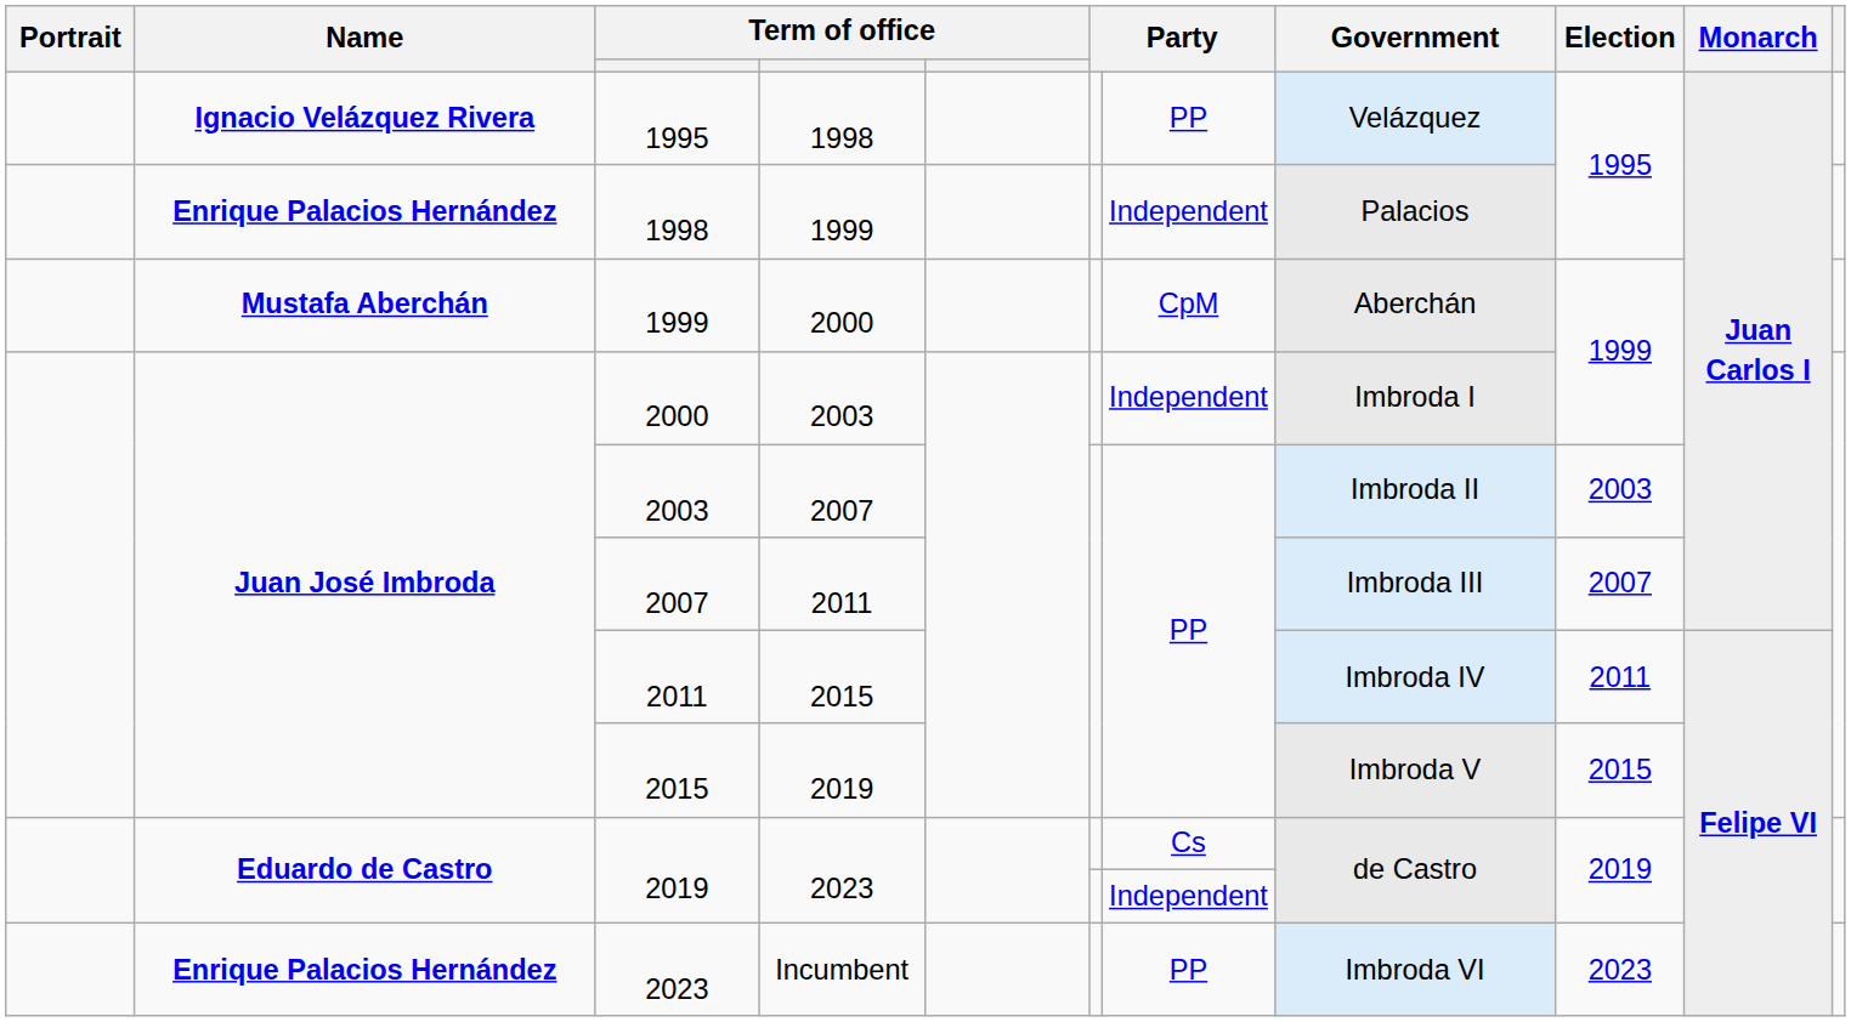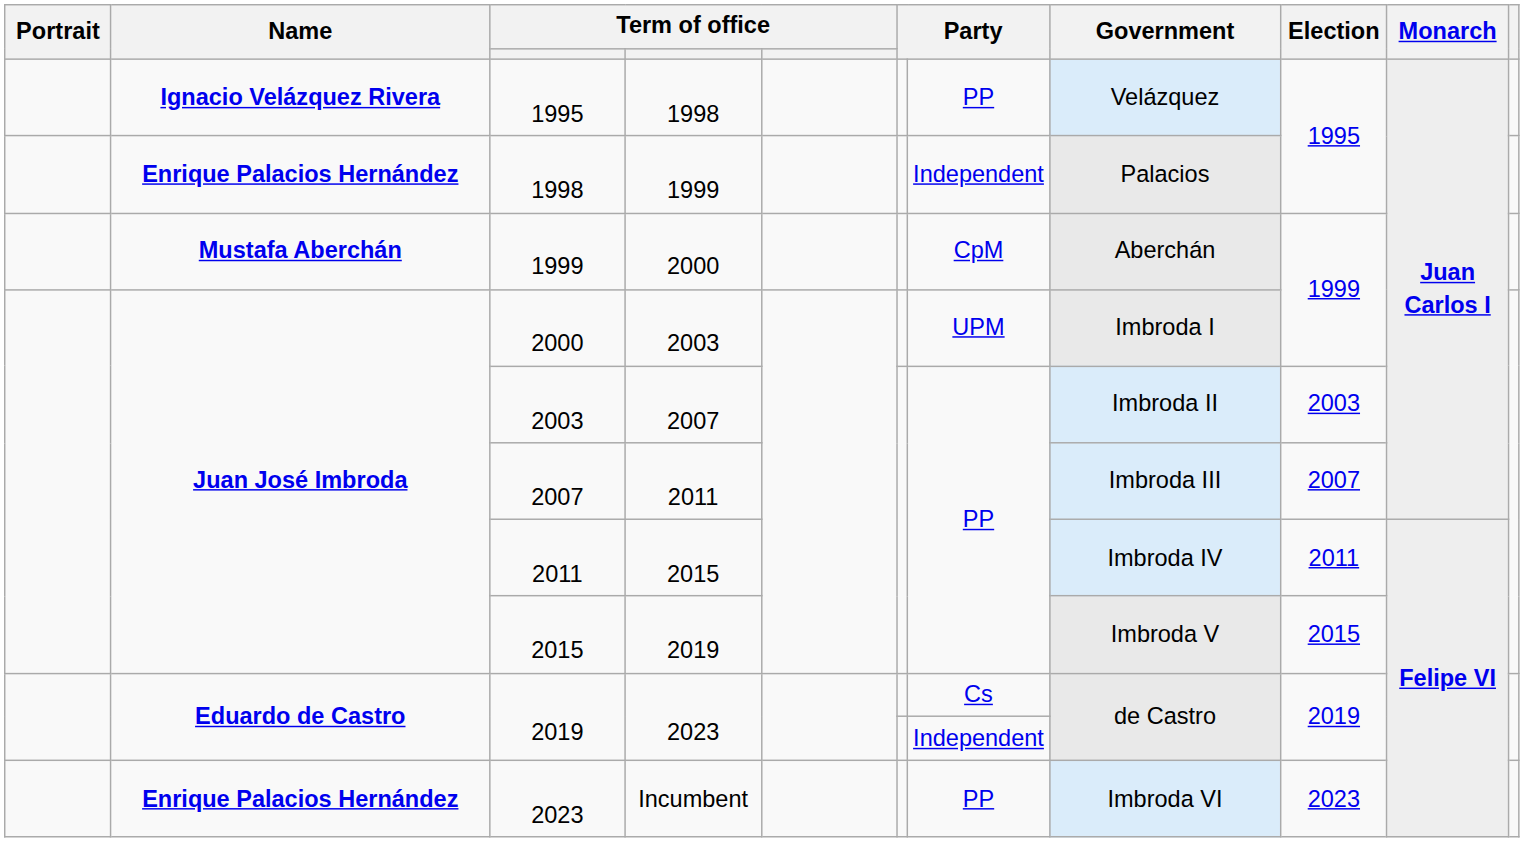 <table class="wikitable" style="line-height:1.4em; text-align:center; border:1px #aaf solid;">
 <tr>
 <th rowspan="2" width="65">Portrait</th>
 <th rowspan="2" width="250">Name<br></th>
 <th colspan="3">Term of office</th>
 <th rowspan="2" colspan="2" width="90">Party</th>
 <th rowspan="2" width="150">Government<br></th>
 <th rowspan="2" width="65">Election</th>
 <th rowspan="2" width="75"><a href='#'>Monarch</a><br></th>
 <th rowspan="2"></th>
 </tr>
 <tr>
 <th width="85"></th>
 <th width="85"></th>
 <th width="85"></th>
 </tr>
 <tr>
 <td></td>
 <td><strong><a href='#'>Ignacio Velázquez Rivera</a></strong><br></td>
 <td class="nowrap"><br>1995</td>
 <td class="nowrap"><br>1998<br></td>
 <td style="font-size:95%;"></td>
 <td style="background:"></td>
 <td><a href='#'>PP</a></td>
 <td style="background:#DAECFA;">Velázquez<br></td>
 <td rowspan="2"><a href='#'>1995</a></td>
 <td scope="row" style="text-align:center;" rowspan="6" bgcolor="#EEEEEE"><br><strong><a href='#'>Juan Carlos I</a></strong><br><br></td>
 <td><br></td>
 </tr>
 <tr>
 <td></td>
 <td><strong><a href='#'>Enrique Palacios Hernández</a></strong><br></td>
 <td class="nowrap"><br>1998</td>
 <td class="nowrap"><br>1999</td>
 <td style="font-size:95%;"></td>
 <td style="background:"></td>
 <td><a href='#'>Independent</a></td>
 <td style="background:#E9E9E9;">Palacios<br></td>
 <td><br></td>
 </tr>
 <tr>
 <td></td>
 <td><strong><a href='#'>Mustafa Aberchán</a></strong><br></td>
 <td class="nowrap"><br>1999</td>
 <td class="nowrap"><br>2000<br></td>
 <td style="font-size:95%;"></td>
 <td style="background:"></td>
 <td><a href='#'>CpM</a></td>
 <td style="background:#E9E9E9;">Aberchán<br></td>
 <td rowspan="2"><a href='#'>1999</a></td>
 <td><br></td>
 </tr>
 <tr>
 <td rowspan="5"></td>
 <td rowspan="5"><strong><a href='#'>Juan José Imbroda</a></strong><br></td>
 <td class="nowrap"><br>2000</td>
 <td class="nowrap"><br>2003</td>
 <td rowspan="5" style="font-size:95%;"></td>
 <td style="background:"></td>
-<td><a href='#'>Independent</a></td>
+<td><a href='#'>UPM</a></td>
 <td style="background:#E9E9E9;">Imbroda I<br></td>
 <td rowspan="5"><br><br><br><br><br></td>
 </tr>
 <tr>
 <td class="nowrap"><br>2003</td>
 <td class="nowrap"><br>2007</td>
 <td rowspan="4" style="background:"></td>
 <td rowspan="4"><a href='#'>PP</a></td>
 <td style="background:#DAECFA;">Imbroda II<br></td>
 <td><a href='#'>2003</a></td>
 </tr>
 <tr>
 <td class="nowrap"><br>2007</td>
 <td class="nowrap"><br>2011</td>
 <td style="background:#DAECFA;">Imbroda III<br></td>
 <td><a href='#'>2007</a></td>
 </tr>
 <tr>
 <td class="nowrap"><br>2011</td>
 <td class="nowrap"><br>2015</td>
 <td style="background:#DAECFA;">Imbroda IV<br></td>
 <td><a href='#'>2011</a></td>
 <td scope="row" style="text-align:center;" rowspan="5" bgcolor="#EEEEEE"><br><strong><a href='#'>Felipe VI</a></strong><br><br></td>
 </tr>
 <tr>
 <td class="nowrap"><br>2015</td>
 <td class="nowrap"><br>2019</td>
 <td style="background:#E9E9E9;">Imbroda V<br></td>
 <td><a href='#'>2015</a></td>
 </tr>
 <tr>
 <td rowspan="2"></td>
 <td rowspan="2"><strong><a href='#'>Eduardo de Castro</a></strong><br></td>
 <td rowspan="2" class="nowrap"><br>2019</td>
 <td rowspan="2" class="nowrap"><br>2023</td>
 <td rowspan="2" style="font-size:95%;"></td>
 <td style="background:"></td>
 <td><a href='#'>Cs</a></td>
 <td rowspan="2" style="background:#E9E9E9;">de Castro<br></td>
 <td rowspan="2"><a href='#'>2019</a></td>
 <td rowspan="2"><br></td>
 </tr>
 <tr>
 <td style="background:"></td>
 <td><a href='#'>Independent</a></td>
 </tr>
 <tr>
 <td></td>
 <td><strong><a href='#'>Enrique Palacios Hernández</a></strong><br></td>
 <td class="nowrap"><br>2023</td>
 <td class="nowrap">Incumbent</td>
 <td style="font-size:95%;"></td>
 <td style="background:"></td>
 <td><a href='#'>PP</a></td>
 <td style="background:#DAECFA;">Imbroda VI<br></td>
 <td><a href='#'>2023</a></td>
 <td></td>
 </tr>
 </table>
